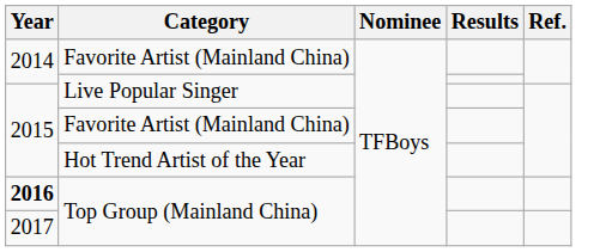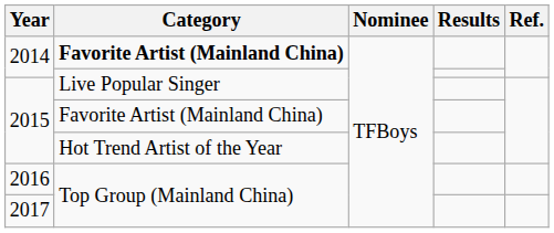 <table class="wikitable sortable">
 <tr>
 <th>Year</th>
 <th>Category</th>
 <th>Nominee</th>
 <th>Results</th>
 <th>Ref.</th>
 </tr>
 <tr>
 <td rowspan=2>2014</td>
-<td>Favorite Artist (Mainland China)</td>
+<td><strong>Favorite Artist (Mainland China)</strong></td>
 <td rowspan=7>TFBoys</td>
 <td></td>
 <td rowspan=2></td>
 </tr>
 <tr>
 <td rowspan=2>Live Popular Singer</td>
 <td></td>
 </tr>
 <tr>
 <td rowspan=3>2015</td>
 <td></td>
 <td rowspan=3></td>
 </tr>
 <tr>
 <td>Favorite Artist (Mainland China)</td>
 <td></td>
 </tr>
 <tr>
 <td>Hot Trend Artist of the Year</td>
 <td></td>
 </tr>
 <tr>
-<td><strong>2016</strong></td>
+<td>2016</td>
 <td rowspan=2>Top Group (Mainland China)</td>
 <td></td>
 <td></td>
 </tr>
 <tr>
 <td>2017</td>
 <td></td>
 <td></td>
 </tr>
 </table>
